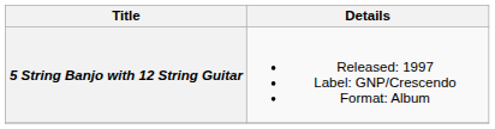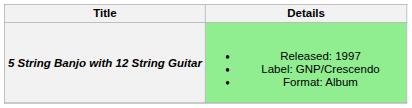 <table class="wikitable plainrowheaders" style="text-align:center;">
 <tr>
 <th scope="col" style="width:17em;">Title</th>
 <th scope="col" style="width:17em;">Details</th>
 </tr>
 <tr>
 <th scope="row"><em>5 String Banjo with 12 String Guitar</em></th>
-<td><br><ul><li>Released: 1997</li><li>Label: GNP/Crescendo</li><li>Format: Album</li></ul></td>
+<td style="background: lightgreen;"><br><ul><li>Released: 1997</li><li>Label: GNP/Crescendo</li><li>Format: Album</li></ul></td>
 </tr>
 <tr>
 </tr>
 </table>
